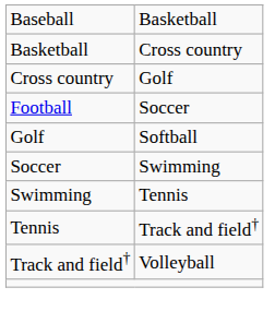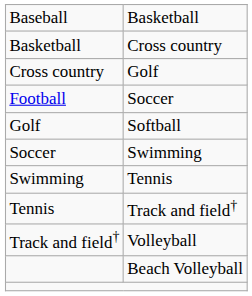 <table class="wikitable" style=" clear:right; margin:0 0 1em 1em;">
 <tr>
 <td>Baseball</td>
 <td>Basketball</td>
 </tr>
 <tr>
 <td>Basketball</td>
 <td>Cross country</td>
 </tr>
 <tr>
 <td>Cross country</td>
 <td>Golf</td>
 </tr>
 <tr>
 <td><a href='#'>Football</a></td>
 <td>Soccer</td>
 </tr>
 <tr>
 <td>Golf</td>
 <td>Softball</td>
 </tr>
 <tr>
 <td>Soccer</td>
 <td>Swimming</td>
 </tr>
 <tr>
 <td>Swimming</td>
 <td>Tennis</td>
 </tr>
 <tr>
 <td>Tennis</td>
 <td>Track and field<sup>†</sup></td>
 </tr>
 <tr>
 <td>Track and field<sup>†</sup></td>
 <td>Volleyball</td>
 </tr>
 <tr>
+<td></td>
+<td>Beach Volleyball</td>
+</tr>
+<tr>
 <td colspan="2"></td>
 </tr>
 </table>
